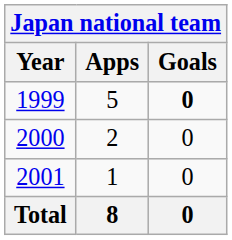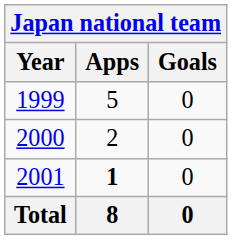 <table class="wikitable" style="text-align:center">
 <tr>
 <th colspan=3><a href='#'>Japan national team</a></th>
 </tr>
 <tr>
 <th>Year</th>
 <th>Apps</th>
 <th>Goals</th>
 </tr>
 <tr>
 <td><a href='#'>1999</a></td>
 <td>5</td>
-<td><strong>0</strong></td>
+<td>0</td>
 </tr>
 <tr>
 <td><a href='#'>2000</a></td>
 <td>2</td>
 <td>0</td>
 </tr>
 <tr>
 <td><a href='#'>2001</a></td>
-<td>1</td>
+<td><strong>1</strong></td>
 <td>0</td>
 </tr>
 <tr>
 <th>Total</th>
 <th>8</th>
 <th>0</th>
 </tr>
 </table>
